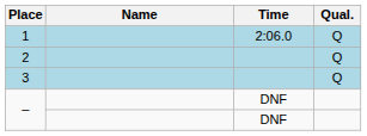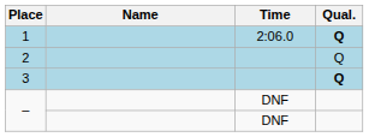 <table class=wikitable style="text-align:center">
 <tr>
 <th width=20>Place</th>
 <th width=220>Name</th>
 <th width=90>Time</th>
 <th width=50>Qual.</th>
 </tr>
 <tr bgcolor=lightblue>
 <td>1</td>
 <td align=left></td>
 <td>2:06.0</td>
-<td>Q</td>
+<td><strong>Q</strong></td>
 </tr>
 <tr bgcolor=lightblue>
 <td>2</td>
 <td align=left></td>
 <td></td>
 <td>Q</td>
 </tr>
 <tr bgcolor=lightblue>
 <td>3</td>
 <td align=left></td>
 <td></td>
-<td>Q</td>
+<td><strong>Q</strong></td>
 </tr>
 <tr>
 <td rowspan=2>–</td>
 <td align=left></td>
 <td>DNF</td>
 <td></td>
 </tr>
 <tr>
 <td align=left></td>
 <td>DNF</td>
 <td></td>
 </tr>
 </table>
